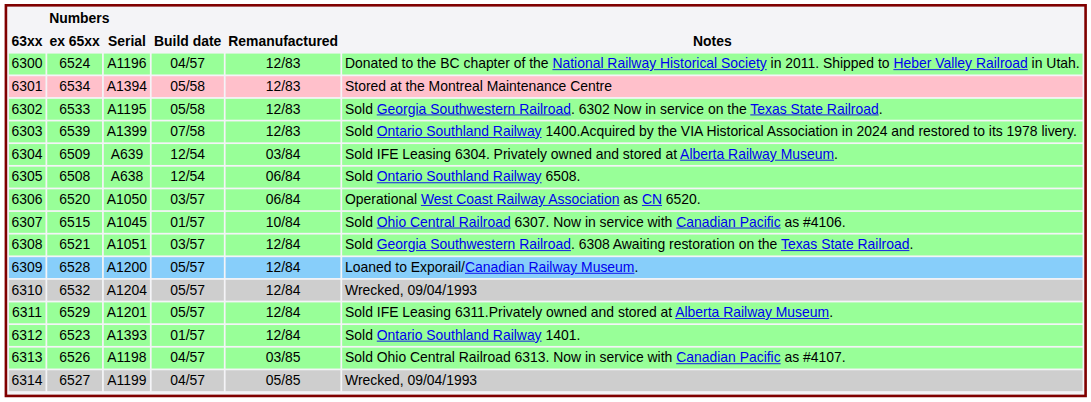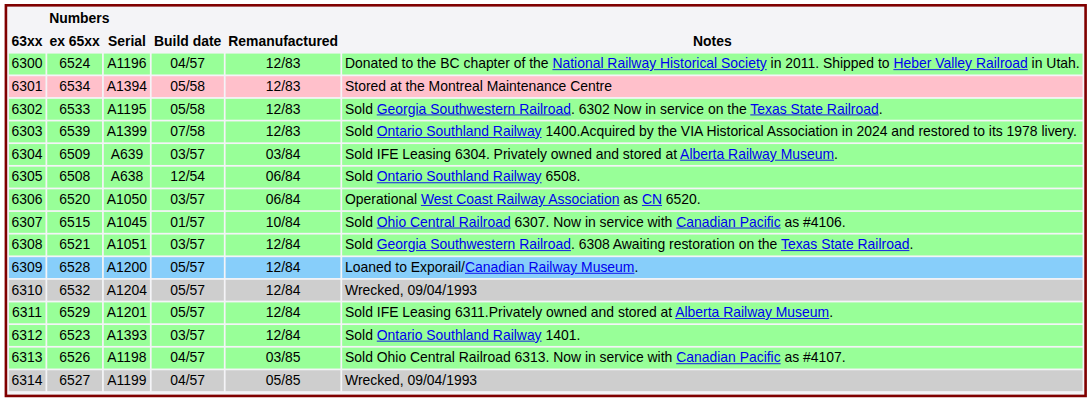 <table cellpadding="3" style="margin:3px; border:3px solid #800000; rules: 1px solid black; background:#f4f4f7; font-family: Arial,Helvetica,sans-serif">
 <tr style="">
 <th colspan=3>Numbers</th>
 </tr>
 <tr>
 <th>63xx</th>
 <th>ex 65xx</th>
 <th>Serial</th>
 <th>Build date</th>
 <th>Remanufactured</th>
 <th>Notes</th>
 </tr>
 <tr>
 <td align=center bgcolor=98ff98>6300</td>
 <td align=center bgcolor=98ff98>6524</td>
 <td align=center bgcolor=98ff98>A1196</td>
 <td align=center bgcolor=98ff98>04/57</td>
 <td align=center bgcolor=98ff98>12/83</td>
 <td bgcolor=98ff98>Donated to the BC chapter of the <a href='#'>National Railway Historical Society</a> in 2011. Shipped to <a href='#'>Heber Valley Railroad</a> in Utah.</td>
 </tr>
 <tr>
 <td align=center bgcolor=ffc0cb>6301</td>
 <td align=center bgcolor=ffc0cb>6534</td>
 <td align=center bgcolor=ffc0cb>A1394</td>
 <td align=center bgcolor=ffc0cb>05/58</td>
 <td align=center bgcolor=ffc0cb>12/83</td>
 <td bgcolor=ffc0cb>Stored at the Montreal Maintenance Centre</td>
 </tr>
 <tr>
 <td align=center bgcolor=98ff98>6302</td>
 <td align=center bgcolor=98ff98>6533</td>
 <td align=center bgcolor=98ff98>A1195</td>
 <td align=center bgcolor=98ff98>05/58</td>
 <td align=center bgcolor=98ff98>12/83</td>
 <td bgcolor=98ff98>Sold <a href='#'>Georgia Southwestern Railroad</a>. 6302 Now in service on the <a href='#'>Texas State Railroad</a>.</td>
 </tr>
 <tr>
 <td align=center bgcolor=98ff98>6303</td>
 <td align=center bgcolor=98ff98>6539</td>
 <td align=center bgcolor=98ff98>A1399</td>
 <td align=center bgcolor=98ff98>07/58</td>
 <td align=center bgcolor=98ff98>12/83</td>
 <td bgcolor=98ff98>Sold <a href='#'>Ontario Southland Railway</a> 1400.Acquired by the VIA Historical Association in 2024 and restored to its 1978 livery.</td>
 </tr>
 <tr>
 <td align=center bgcolor=98ff98>6304</td>
 <td align=center bgcolor=98ff98>6509</td>
 <td align=center bgcolor=98ff98>A639</td>
-<td align=center bgcolor=98ff98>12/54</td>
+<td align=center bgcolor=98ff98>03/57</td>
 <td align=center bgcolor=98ff98>03/84</td>
 <td bgcolor=98ff98>Sold IFE Leasing 6304. Privately owned and stored at <a href='#'>Alberta Railway Museum</a>.</td>
 </tr>
 <tr>
 <td align=center bgcolor=98ff98>6305</td>
 <td align=center bgcolor=98ff98>6508</td>
 <td align=center bgcolor=98ff98>A638</td>
 <td align=center bgcolor=98ff98>12/54</td>
 <td align=center bgcolor=98ff98>06/84</td>
 <td bgcolor=98ff98>Sold <a href='#'>Ontario Southland Railway</a> 6508.</td>
 </tr>
 <tr>
 <td align=center bgcolor=98ff98>6306</td>
 <td align=center bgcolor=98ff98>6520</td>
 <td align=center bgcolor=98ff98>A1050</td>
 <td align=center bgcolor=98ff98>03/57</td>
 <td align=center bgcolor=98ff98>06/84</td>
 <td bgcolor=98ff98>Operational <a href='#'>West Coast Railway Association</a> as <a href='#'>CN</a> 6520.</td>
 </tr>
 <tr>
 <td align=center bgcolor=98ff98>6307</td>
 <td align=center bgcolor=98ff98>6515</td>
 <td align=center bgcolor=98ff98>A1045</td>
 <td align=center bgcolor=98ff98>01/57</td>
 <td align=center bgcolor=98ff98>10/84</td>
 <td bgcolor=98ff98>Sold <a href='#'>Ohio Central Railroad</a> 6307. Now in service with <a href='#'>Canadian Pacific</a> as #4106.</td>
 </tr>
 <tr>
 <td align=center bgcolor=98ff98>6308</td>
 <td align=center bgcolor=98ff98>6521</td>
 <td align=center bgcolor=98ff98>A1051</td>
 <td align=center bgcolor=98ff98>03/57</td>
 <td align=center bgcolor=98ff98>12/84</td>
 <td bgcolor=98ff98>Sold <a href='#'>Georgia Southwestern Railroad</a>. 6308 Awaiting restoration on the <a href='#'>Texas State Railroad</a>.</td>
 </tr>
 <tr>
 <td align=center bgcolor=87cefa>6309</td>
 <td align=center bgcolor=87cefa>6528</td>
 <td align=center bgcolor=87cefa>A1200</td>
 <td align=center bgcolor=87cefa>05/57</td>
 <td align=center bgcolor=87cefa>12/84</td>
 <td bgcolor=87cefa>Loaned to Exporail/<a href='#'>Canadian Railway Museum</a>.</td>
 </tr>
 <tr>
 <td align=center bgcolor=cecece>6310</td>
 <td align=center bgcolor=cecece>6532</td>
 <td align=center bgcolor=cecece>A1204</td>
 <td align=center bgcolor=cecece>05/57</td>
 <td align=center bgcolor=cecece>12/84</td>
 <td bgcolor=cecece>Wrecked, 09/04/1993</td>
 </tr>
 <tr>
 <td align=center bgcolor=98ff98>6311</td>
 <td align=center bgcolor=98ff98>6529</td>
 <td align=center bgcolor=98ff98>A1201</td>
 <td align=center bgcolor=98ff98>05/57</td>
 <td align=center bgcolor=98ff98>12/84</td>
 <td bgcolor=98ff98>Sold IFE Leasing 6311.Privately owned and stored at <a href='#'>Alberta Railway Museum</a>.</td>
 </tr>
 <tr>
 <td align=center bgcolor=98ff98>6312</td>
 <td align=center bgcolor=98ff98>6523</td>
 <td align=center bgcolor=98ff98>A1393</td>
-<td align=center bgcolor=98ff98>01/57</td>
+<td align=center bgcolor=98ff98>03/57</td>
 <td align=center bgcolor=98ff98>12/84</td>
 <td bgcolor=98ff98>Sold <a href='#'>Ontario Southland Railway</a> 1401.</td>
 </tr>
 <tr>
 <td align=center bgcolor=98ff98>6313</td>
 <td align=center bgcolor=98ff98>6526</td>
 <td align=center bgcolor=98ff98>A1198</td>
 <td align=center bgcolor=98ff98>04/57</td>
 <td align=center bgcolor=98ff98>03/85</td>
 <td bgcolor=98ff98>Sold Ohio Central Railroad 6313.  Now in service with <a href='#'>Canadian Pacific</a> as #4107.</td>
 </tr>
 <tr>
 <td align=center bgcolor=cecece>6314</td>
 <td align=center bgcolor=cecece>6527</td>
 <td align=center bgcolor=cecece>A1199</td>
 <td align=center bgcolor=cecece>04/57</td>
 <td align=center bgcolor=cecece>05/85</td>
 <td bgcolor=cecece>Wrecked, 09/04/1993</td>
 </tr>
 <tr>
 </tr>
 </table>
